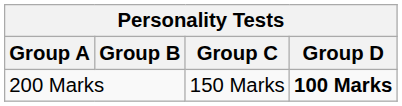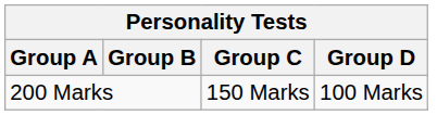 <table class="wikitable">
 <tr>
 <th colspan=4>Personality Tests</th>
 </tr>
 <tr>
 <th>Group A</th>
 <th>Group B</th>
 <th>Group C</th>
 <th>Group D</th>
 </tr>
 <tr>
 <td colspan=2>200 Marks</td>
 <td>150 Marks</td>
-<td><strong>100 Marks</strong></td>
+<td>100 Marks</td>
 </tr>
 </table>
